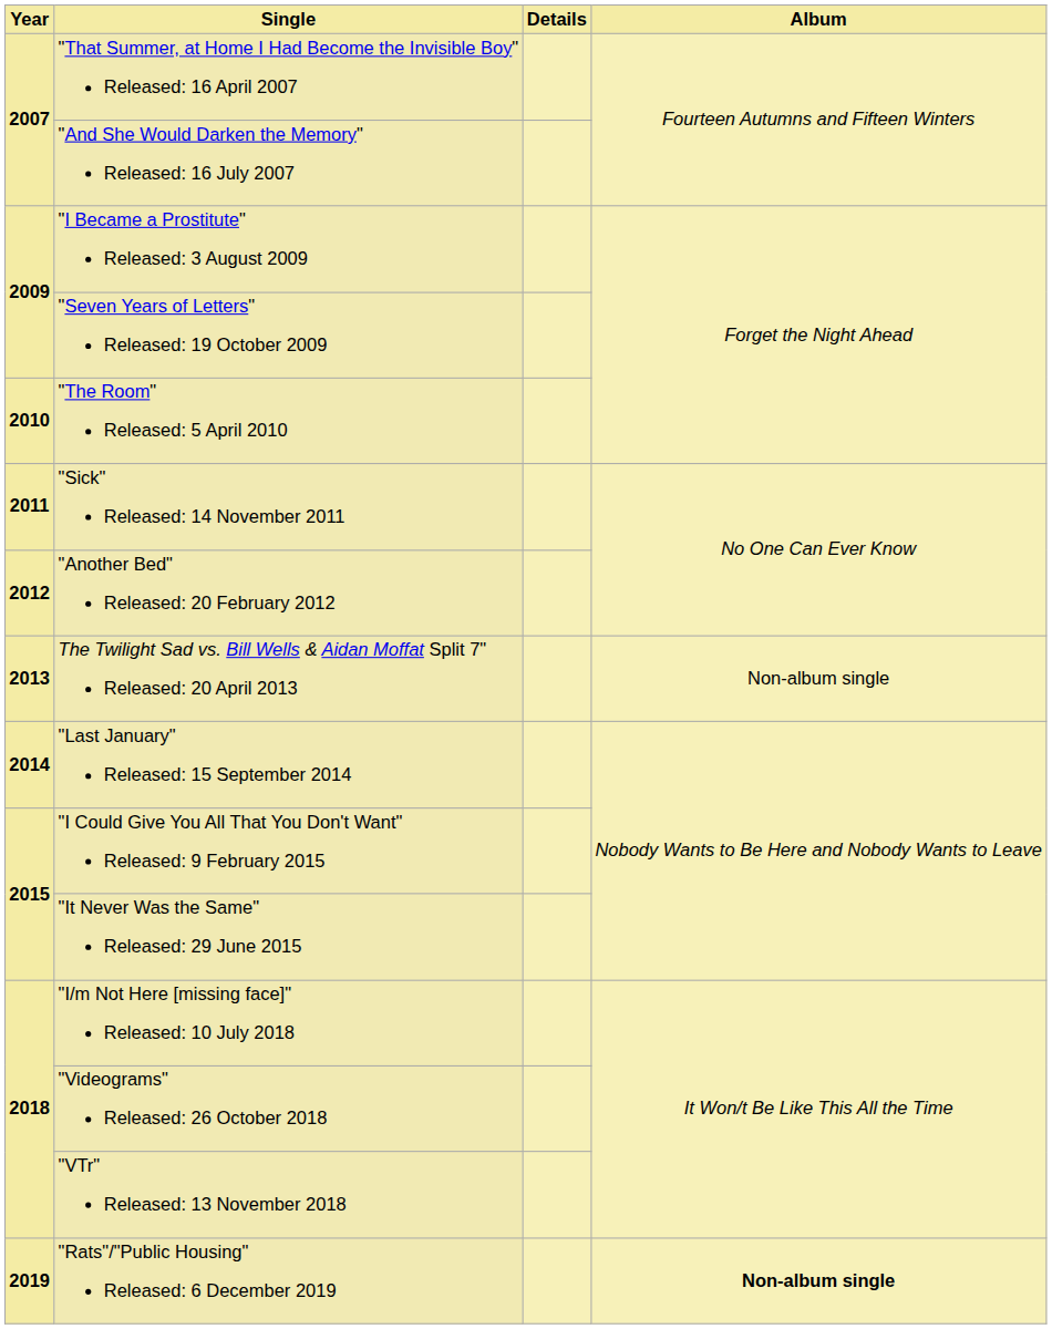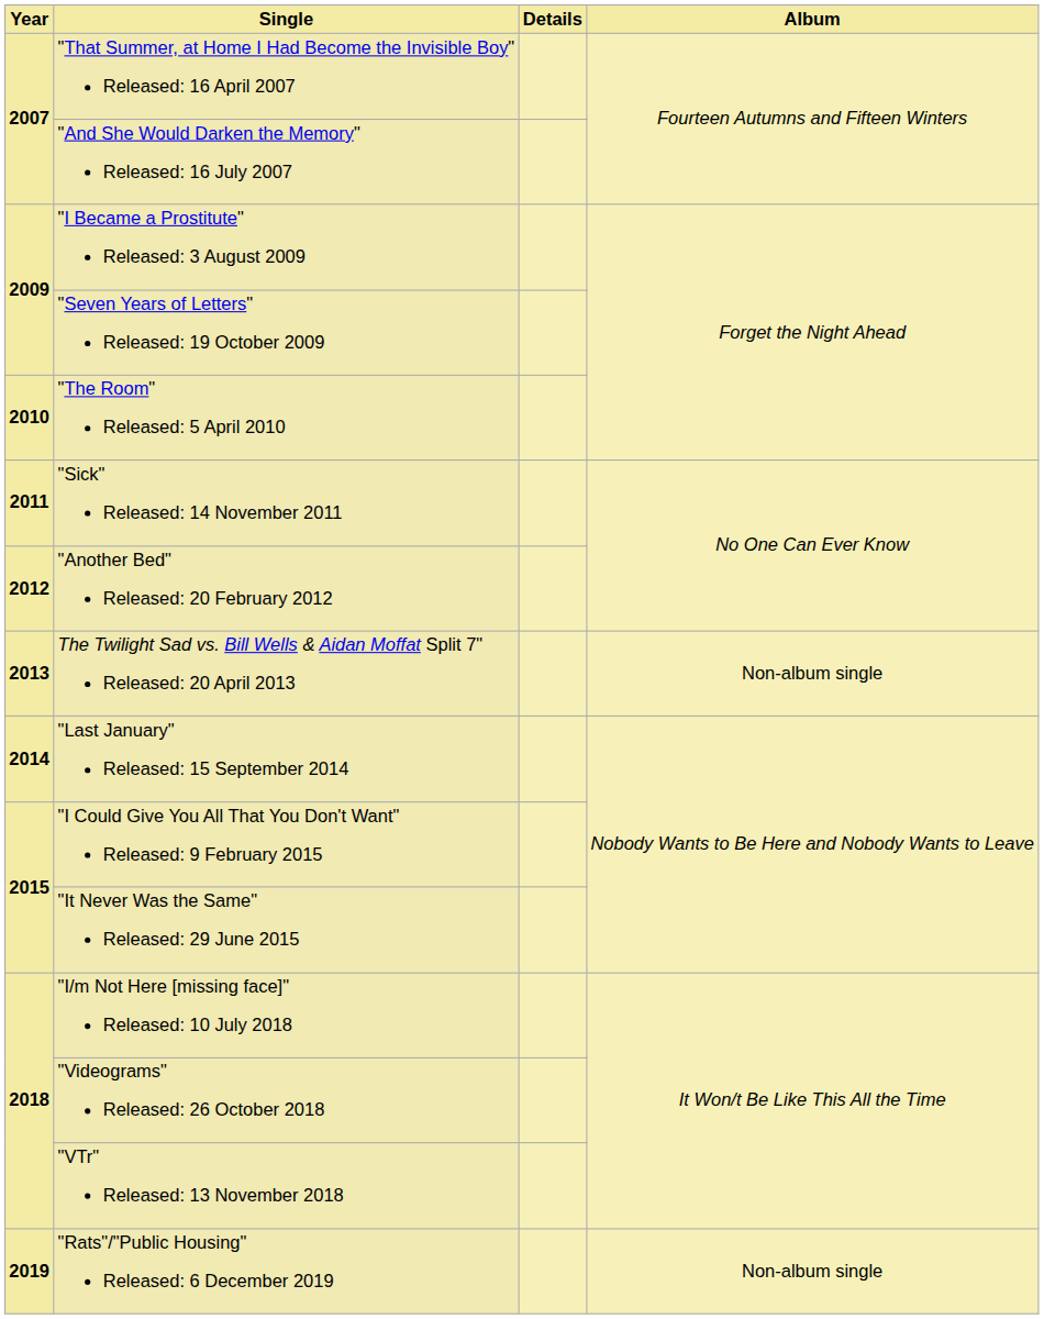 <table class="wikitable" style="background: #f7f1b9; text-align:center;">
 <tr>
 <th rowspan="1" style="background: #f4eca5">Year</th>
 <th rowspan="1" style="background: #f4eca5">Single</th>
 <th rowspan="1" style="background: #f4eca5">Details</th>
 <th rowspan="1" style="background: #f4eca5">Album</th>
 </tr>
 <tr>
 <td style="background: #f4eca5" rowspan="2"><strong>2007</strong></td>
 <td style="background: #f1eab3" align="left">"<a href='#'>That Summer, at Home I Had Become the Invisible Boy</a>"<br><ul><li>Released: 16 April 2007</li></ul></td>
 <td align="left"></td>
 <td rowspan="2"><em>Fourteen Autumns and Fifteen Winters</em></td>
 </tr>
 <tr>
 <td style="background: #f1eab3" align="left">"<a href='#'>And She Would Darken the Memory</a>"<br><ul><li>Released: 16 July 2007</li></ul></td>
 <td align="left"></td>
 </tr>
 <tr>
 <td style="background: #f4eca5" rowspan="2"><strong>2009</strong></td>
 <td style="background: #f1eab3" align="left">"<a href='#'>I Became a Prostitute</a>"<br><ul><li>Released: 3 August 2009</li></ul></td>
 <td align="left"></td>
 <td rowspan="3"><em>Forget the Night Ahead</em></td>
 </tr>
 <tr>
 <td style="background: #f1eab3" align="left">"<a href='#'>Seven Years of Letters</a>"<br><ul><li>Released: 19 October 2009</li></ul></td>
 <td align="left"></td>
 </tr>
 <tr>
 <td style="background: #f4eca5"><strong>2010</strong></td>
 <td style="background: #f1eab3" align="left">"<a href='#'>The Room</a>"<br><ul><li>Released: 5 April 2010</li></ul></td>
 <td align="left"></td>
 </tr>
 <tr>
 <td style="background: #f4eca5"><strong>2011</strong></td>
 <td style="background: #f1eab3" align="left">"Sick"<br><ul><li>Released: 14 November 2011</li></ul></td>
 <td align="left"></td>
 <td rowspan="2"><em>No One Can Ever Know</em></td>
 </tr>
 <tr>
 <td style="background: #f4eca5"><strong>2012</strong></td>
 <td style="background: #f1eab3" align="left">"Another Bed"<br><ul><li>Released: 20 February 2012</li></ul></td>
 <td align="left"></td>
 </tr>
 <tr>
 <td style="background: #f4eca5"><strong>2013</strong></td>
 <td style="background: #f1eab3" align="left"><em>The Twilight Sad vs. <a href='#'>Bill Wells</a> & <a href='#'>Aidan Moffat</a></em> Split 7"<br><ul><li>Released: 20 April 2013</li></ul></td>
 <td align="left"></td>
 <td rowspan="1">Non-album single</td>
 </tr>
 <tr>
 <td style="background: #f4eca5"><strong>2014</strong></td>
 <td style="background: #f1eab3" align="left">"Last January"<br><ul><li>Released: 15 September 2014</li></ul></td>
 <td align="left"></td>
 <td rowspan="3"><em>Nobody Wants to Be Here and Nobody Wants to Leave</em></td>
 </tr>
 <tr>
 <td style="background: #f4eca5" rowspan="2"><strong>2015</strong></td>
 <td style="background: #f1eab3" align="left">"I Could Give You All That You Don't Want"<br><ul><li>Released: 9 February 2015</li></ul></td>
 <td align="left"></td>
 </tr>
 <tr>
 <td style="background: #f1eab3" align="left">"It Never Was the Same"<br><ul><li>Released: 29 June 2015</li></ul></td>
 <td align="left"></td>
 </tr>
 <tr>
 <td style="background: #f4eca5" rowspan="3"><strong>2018</strong></td>
 <td style="background: #f1eab3" align="left">"I/m Not Here [missing face]"<br><ul><li>Released: 10 July 2018</li></ul></td>
 <td align="left"></td>
 <td rowspan="3"><em>It Won/t Be Like This All the Time</em></td>
 </tr>
 <tr>
 <td style="background: #f1eab3" align="left">"Videograms"<br><ul><li>Released: 26 October 2018</li></ul></td>
 <td align="left"></td>
 </tr>
 <tr>
 <td style="background: #f1eab3" align="left">"VTr"<br><ul><li>Released: 13 November 2018</li></ul></td>
 <td align="left"></td>
 </tr>
 <tr>
 <td style="background: #f4eca5" rowspan="1"><strong>2019</strong></td>
 <td style="background: #f1eab3" align="left">"Rats"/"Public Housing"<br><ul><li>Released: 6 December 2019</li></ul></td>
 <td align="left"></td>
-<td rowspan="1"><strong>Non-album single</strong></td>
+<td rowspan="1">Non-album single</td>
 </tr>
 </table>
